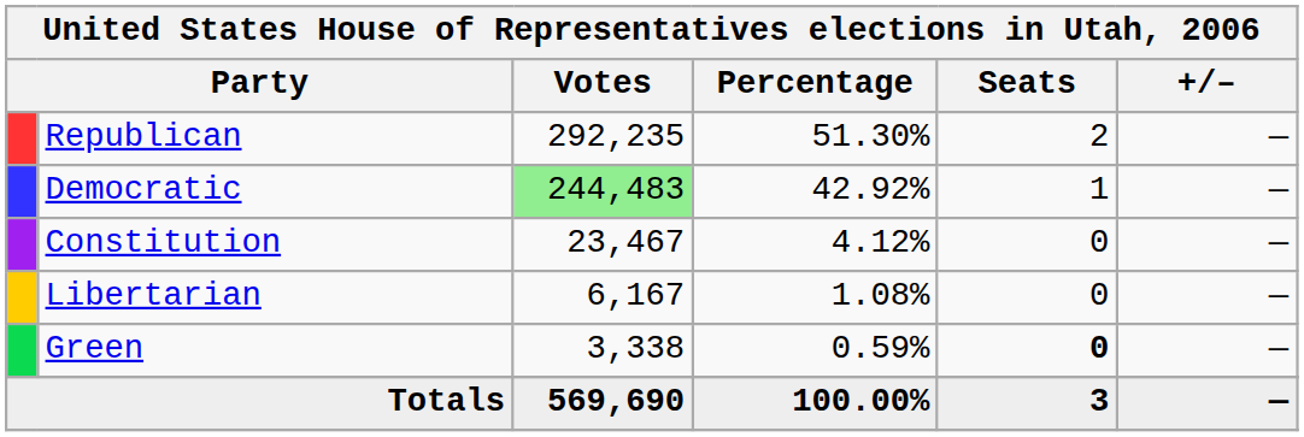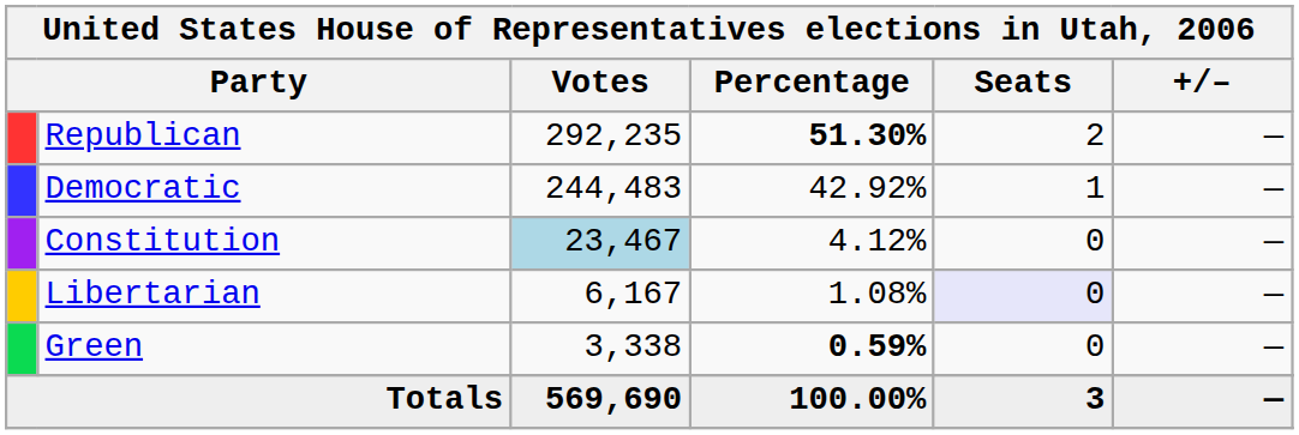 <table class="wikitable" style="font-size: 95%;">
 <tr>
 <th colspan="6">United States House of Representatives elections in Utah, 2006</th>
 </tr>
 <tr>
 <th colspan=2 style="width: 15em">Party</th>
 <th style="width: 5em">Votes</th>
 <th style="width: 7em">Percentage</th>
 <th style="width: 5em">Seats</th>
 <th style="width: 5em">+/–</th>
 </tr>
 <tr>
 <th style="background-color:#FF3333; width: 3px"></th>
 <td style="width: 130px"><a href='#'>Republican</a></td>
 <td align="right">292,235</td>
-<td align="right">51.30%</td>
+<td align="right"><strong>51.30%</strong></td>
 <td align="right">2</td>
 <td align="right">—</td>
 </tr>
 <tr>
 <th style="background-color:#3333FF; width: 3px"></th>
 <td style="width: 130px"><a href='#'>Democratic</a></td>
-<td align="right" style="background: lightgreen;">244,483</td>
+<td align="right">244,483</td>
 <td align="right">42.92%</td>
 <td align="right">1</td>
 <td align="right">—</td>
 </tr>
 <tr>
 <th style="background-color:#A020F0; width: 3px"></th>
 <td style="width: 130px"><a href='#'>Constitution</a></td>
-<td align="right">23,467</td>
+<td align="right" style="background: lightblue;">23,467</td>
 <td align="right">4.12%</td>
 <td align="right">0</td>
 <td align="right">—</td>
 </tr>
 <tr>
 <th style="background-color:#FFCC00; width: 3px"></th>
 <td style="width: 130px"><a href='#'>Libertarian</a></td>
 <td align="right">6,167</td>
 <td align="right">1.08%</td>
-<td align="right">0</td>
+<td align="right" style="background: lavender;">0</td>
 <td align="right">—</td>
 </tr>
 <tr>
 <th style="background-color:#0BDA51; width: 3px"></th>
 <td style="width: 130px"><a href='#'>Green</a></td>
 <td align="right">3,338</td>
-<td align="right">0.59%</td>
-<td align="right"><strong>0</strong></td>
+<td align="right"><strong>0.59%</strong></td>
+<td align="right">0</td>
 <td align="right">—</td>
 </tr>
 <tr>
 </tr>
 <tr bgcolor="#EEEEEE">
 <td colspan="2" align="right"><strong>Totals</strong></td>
 <td align="right"><strong>569,690</strong></td>
 <td align="right"><strong>100.00%</strong></td>
 <td align="right"><strong>3</strong></td>
 <td align="right"><strong>—</strong></td>
 </tr>
 <tr bgcolor="#EEEEEE">
 </tr>
 </table>
